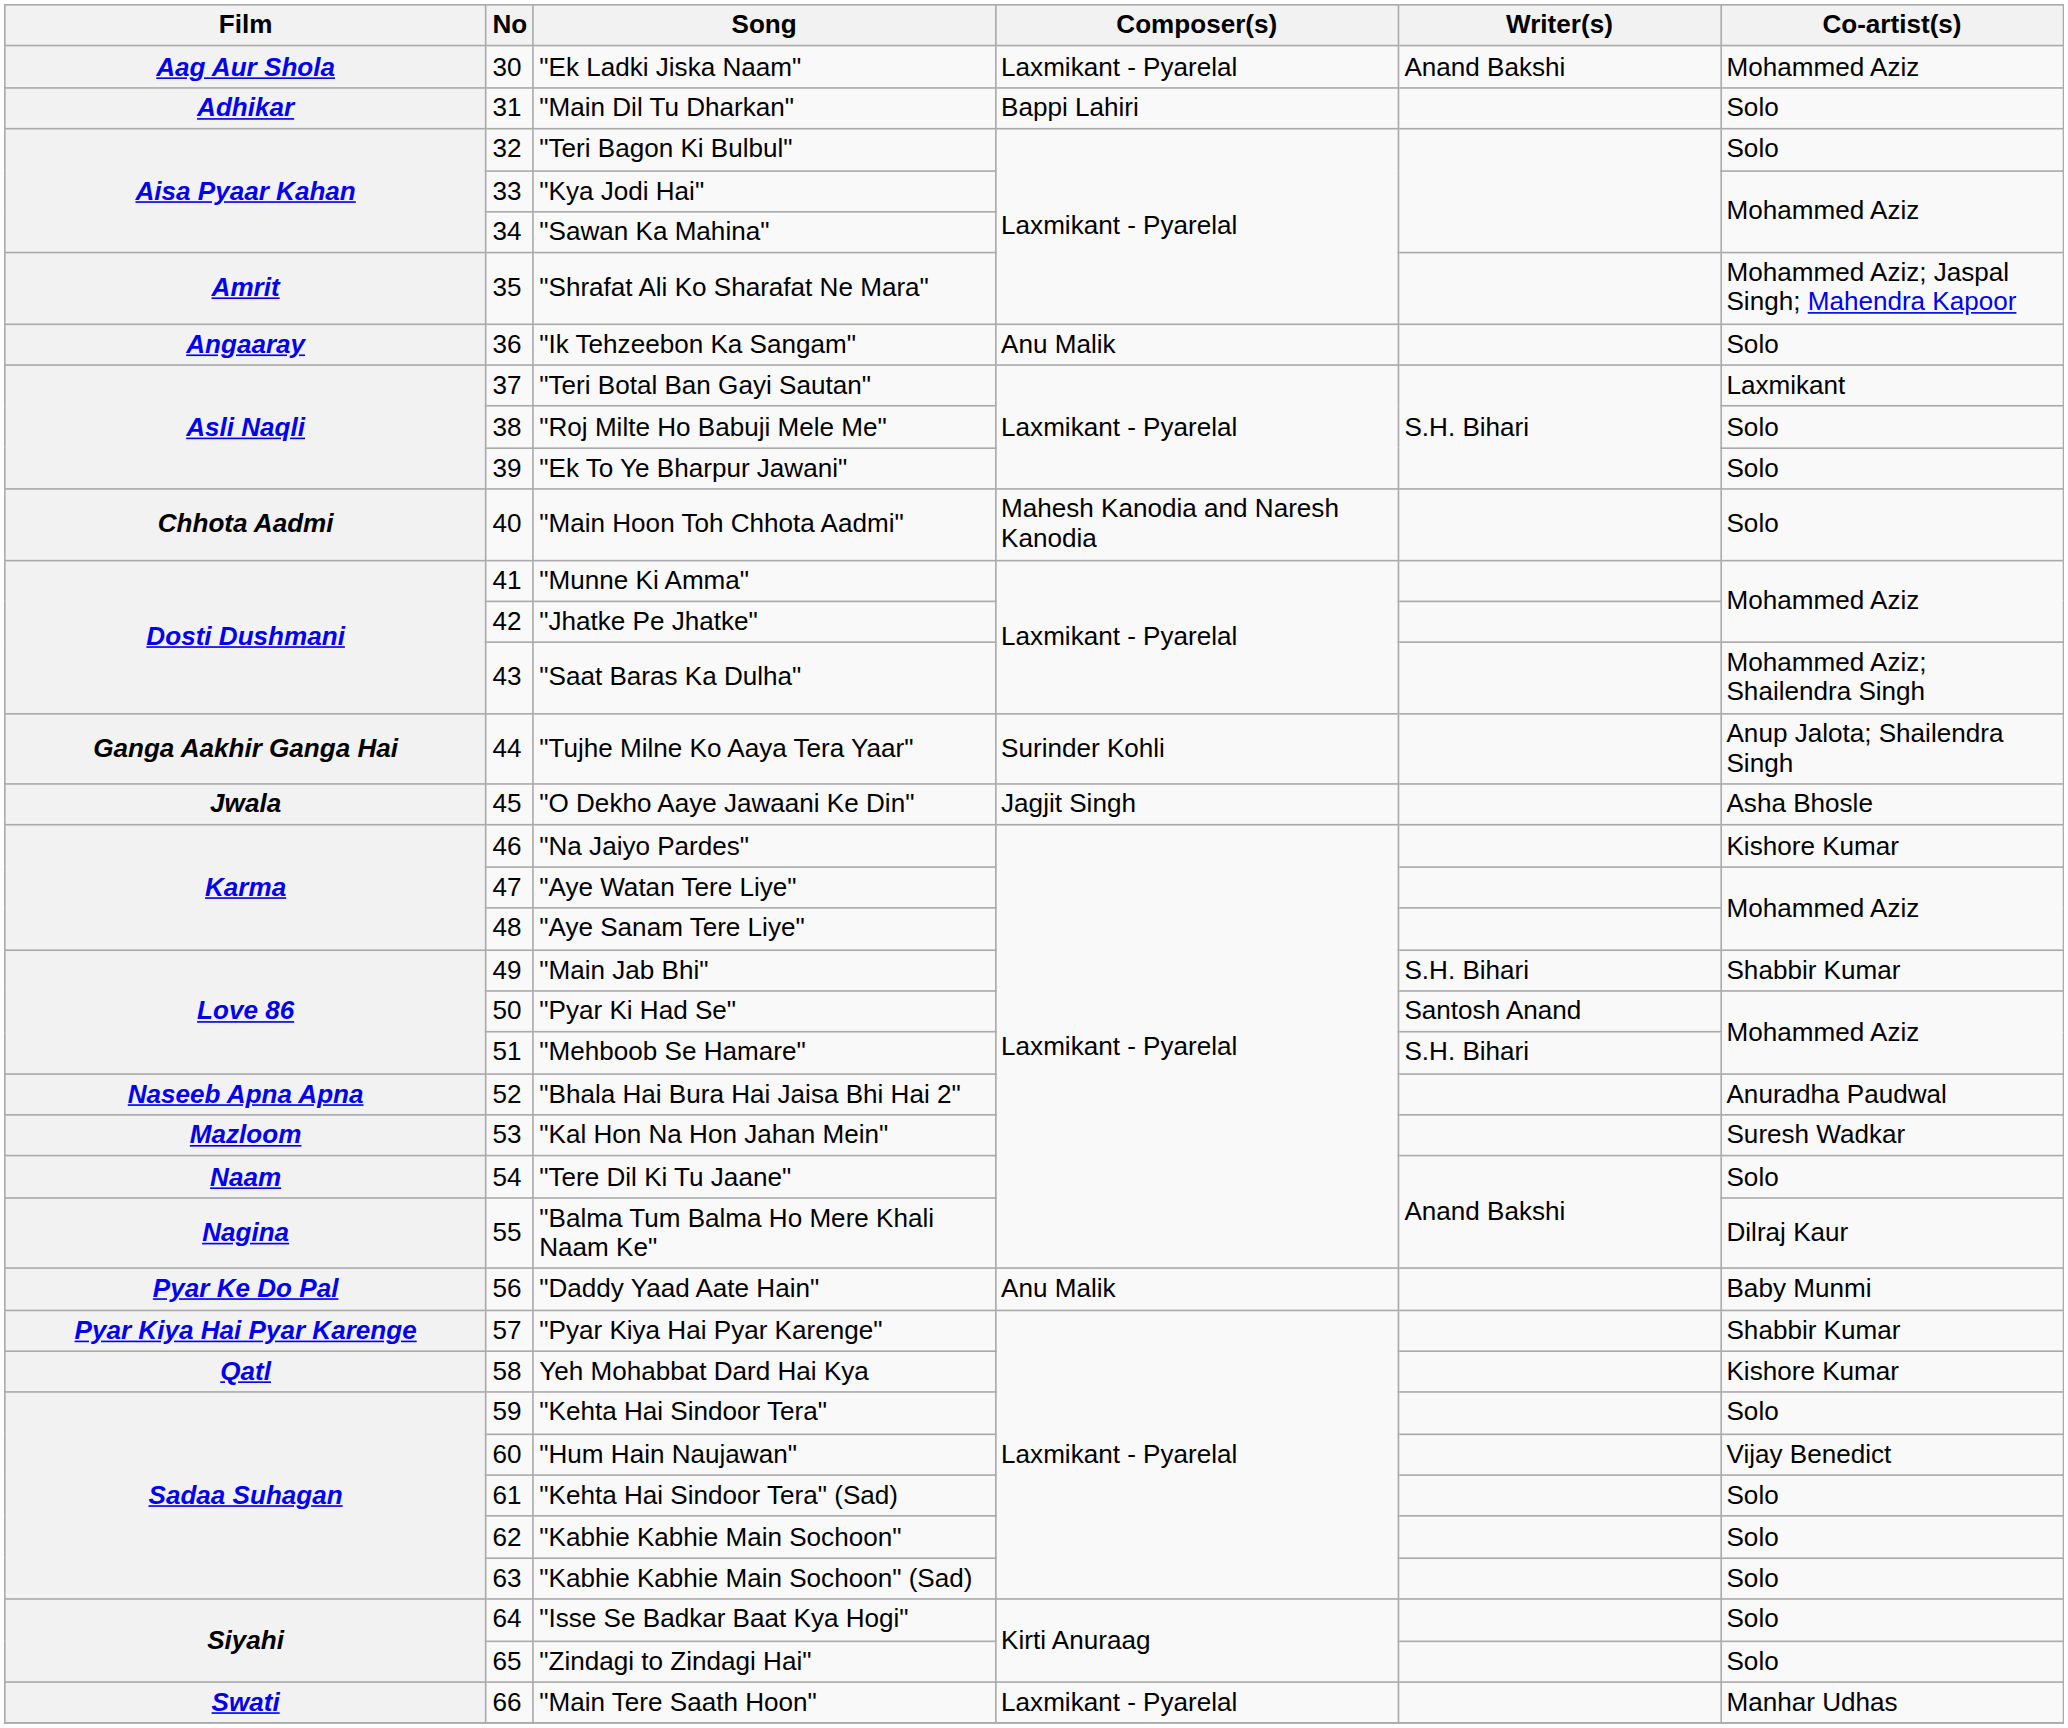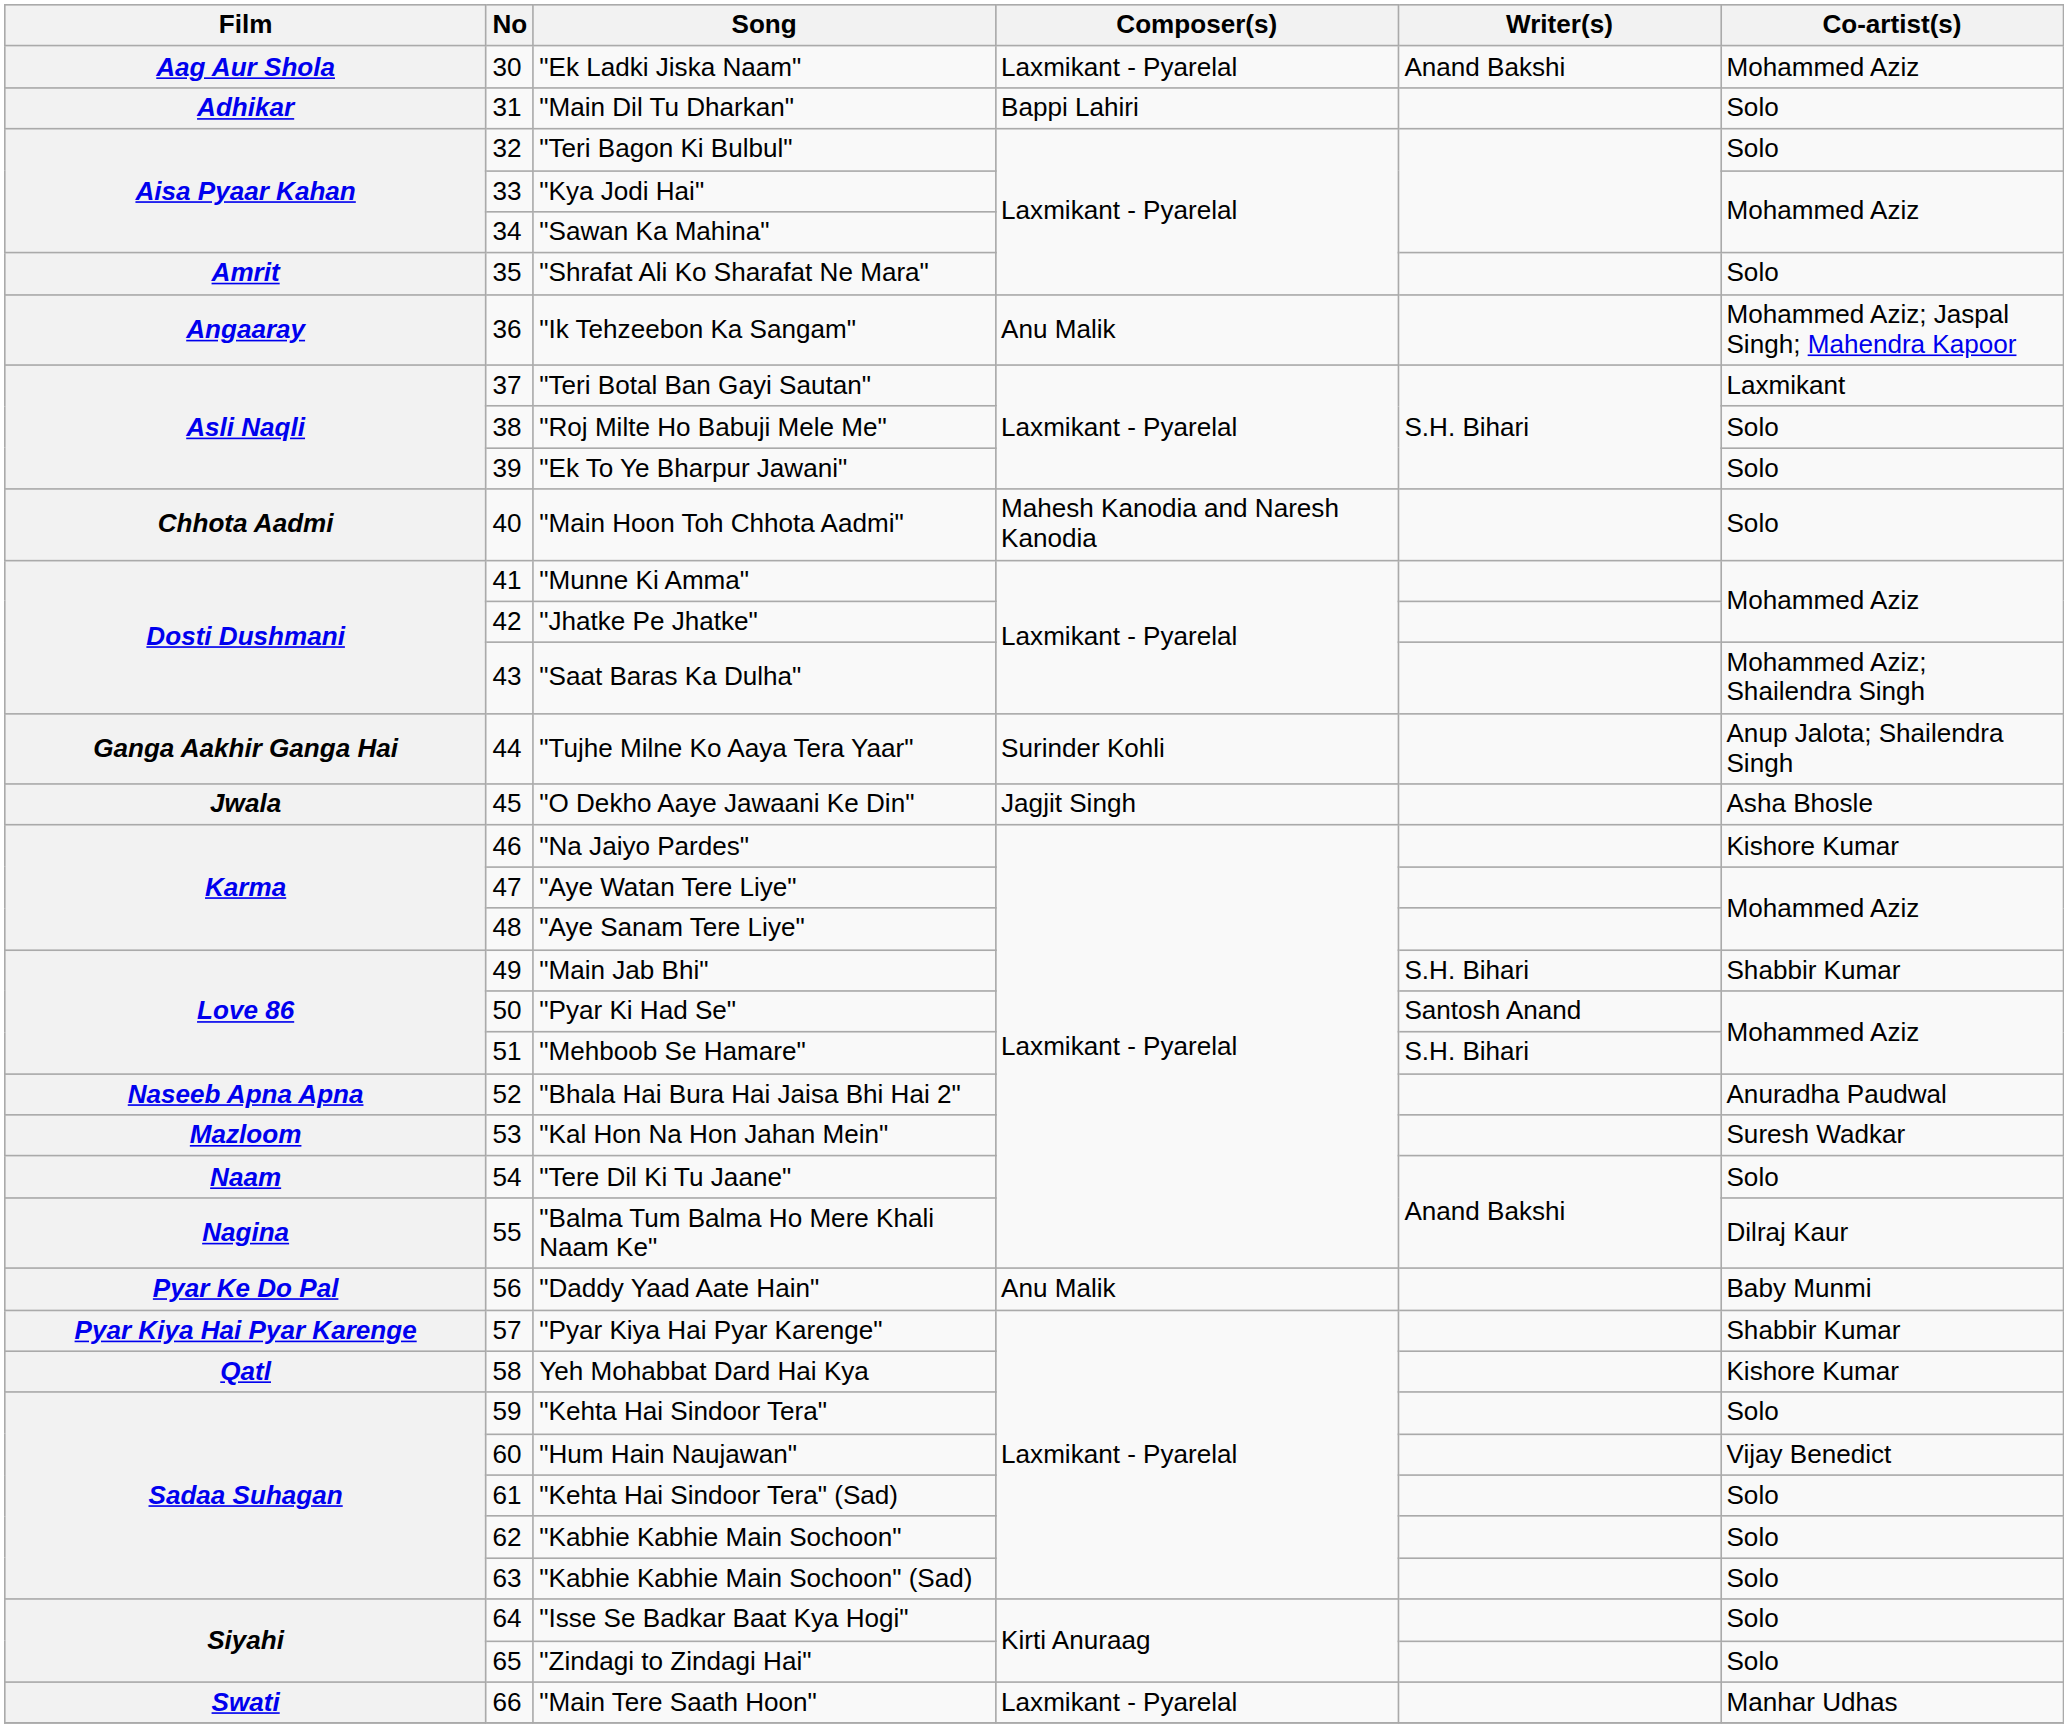 <table class="wikitable plainrowheaders" style="width:100%; textcolor:#000">
 <tr>
 <th scope="col" style="width:24%;">Film</th>
 <th>No</th>
 <th scope="col" style="width:23%;">Song</th>
 <th scope="col" style="width:20%;">Composer(s)</th>
 <th scope="col" style="width:16%;">Writer(s)</th>
 <th scope="col" style="width:18%;">Co-artist(s)</th>
 </tr>
 <tr>
 <th><em><a href='#'>Aag Aur Shola</a></em></th>
 <td>30</td>
 <td>"Ek Ladki Jiska Naam"</td>
 <td>Laxmikant - Pyarelal</td>
 <td>Anand Bakshi</td>
 <td>Mohammed Aziz</td>
 </tr>
 <tr>
 <th><em><a href='#'>Adhikar</a></em></th>
 <td>31</td>
 <td>"Main Dil Tu Dharkan"</td>
 <td>Bappi Lahiri</td>
 <td></td>
 <td>Solo</td>
 </tr>
 <tr>
 <th rowspan=3><em><a href='#'>Aisa Pyaar Kahan</a></em></th>
 <td>32</td>
 <td>"Teri Bagon Ki Bulbul"</td>
 <td rowspan=4>Laxmikant - Pyarelal</td>
 <td rowspan=3></td>
 <td>Solo</td>
 </tr>
 <tr>
 <td>33</td>
 <td>"Kya Jodi Hai"</td>
 <td rowspan=2>Mohammed Aziz</td>
 </tr>
 <tr>
 <td>34</td>
 <td>"Sawan Ka Mahina"</td>
 </tr>
 <tr>
 <th><em><a href='#'>Amrit</a></em></th>
 <td>35</td>
 <td>"Shrafat Ali Ko Sharafat Ne Mara"</td>
 <td></td>
-<td>Mohammed Aziz; Jaspal Singh; <a href='#'>Mahendra Kapoor</a></td>
+<td>Solo</td>
 </tr>
 <tr>
 <th><em><a href='#'>Angaaray</a></em></th>
 <td>36</td>
 <td>"Ik Tehzeebon Ka Sangam"</td>
 <td>Anu Malik</td>
 <td></td>
-<td>Solo</td>
+<td>Mohammed Aziz; Jaspal Singh; <a href='#'>Mahendra Kapoor</a></td>
 </tr>
 <tr>
 <th rowspan=3><em><a href='#'>Asli Naqli</a></em></th>
 <td>37</td>
 <td>"Teri Botal Ban Gayi Sautan"</td>
 <td rowspan=3>Laxmikant - Pyarelal</td>
 <td rowspan=3>S.H. Bihari</td>
 <td>Laxmikant</td>
 </tr>
 <tr>
 <td>38</td>
 <td>"Roj Milte Ho Babuji Mele Me"</td>
 <td>Solo</td>
 </tr>
 <tr>
 <td>39</td>
 <td>"Ek To Ye Bharpur Jawani"</td>
 <td>Solo</td>
 </tr>
 <tr>
 <th><em>Chhota Aadmi</em></th>
 <td>40</td>
 <td>"Main Hoon Toh Chhota Aadmi"</td>
 <td>Mahesh Kanodia and Naresh Kanodia</td>
 <td></td>
 <td>Solo</td>
 </tr>
 <tr>
 <th rowspan=3><em><a href='#'>Dosti Dushmani</a></em></th>
 <td>41</td>
 <td>"Munne Ki Amma"</td>
 <td rowspan=3>Laxmikant - Pyarelal</td>
 <td></td>
 <td rowspan=2>Mohammed Aziz</td>
 </tr>
 <tr>
 <td>42</td>
 <td>"Jhatke Pe Jhatke"</td>
 <td></td>
 </tr>
 <tr>
 <td>43</td>
 <td>"Saat Baras Ka Dulha"</td>
 <td></td>
 <td>Mohammed Aziz; Shailendra Singh</td>
 </tr>
 <tr>
 <th><em>Ganga Aakhir Ganga Hai</em></th>
 <td>44</td>
 <td>"Tujhe Milne Ko Aaya Tera Yaar"</td>
 <td>Surinder Kohli</td>
 <td></td>
 <td>Anup Jalota; Shailendra Singh</td>
 </tr>
 <tr>
 <th><em>Jwala</em></th>
 <td>45</td>
 <td>"O Dekho Aaye Jawaani Ke Din"</td>
 <td>Jagjit Singh</td>
 <td></td>
 <td>Asha Bhosle</td>
 </tr>
 <tr>
 <th rowspan=3><em><a href='#'>Karma</a></em></th>
 <td>46</td>
 <td>"Na Jaiyo Pardes"</td>
 <td rowspan=10>Laxmikant - Pyarelal</td>
 <td></td>
 <td>Kishore Kumar</td>
 </tr>
 <tr>
 <td>47</td>
 <td>"Aye Watan Tere Liye"</td>
 <td></td>
 <td rowspan=2>Mohammed Aziz</td>
 </tr>
 <tr>
 <td>48</td>
 <td>"Aye Sanam Tere Liye"</td>
 <td></td>
 </tr>
 <tr>
 <th rowspan="3"><em><a href='#'>Love 86</a></em></th>
 <td>49</td>
 <td>"Main Jab Bhi"</td>
 <td>S.H. Bihari</td>
 <td>Shabbir Kumar</td>
 </tr>
 <tr>
 <td>50</td>
 <td>"Pyar Ki Had Se"</td>
 <td>Santosh Anand</td>
 <td rowspan=2>Mohammed Aziz</td>
 </tr>
 <tr>
 <td>51</td>
 <td>"Mehboob Se Hamare"</td>
 <td>S.H. Bihari</td>
 </tr>
 <tr>
 <th><em><a href='#'>Naseeb Apna Apna</a></em></th>
 <td>52</td>
 <td>"Bhala Hai Bura Hai Jaisa Bhi Hai 2"</td>
 <td></td>
 <td>Anuradha Paudwal</td>
 </tr>
 <tr>
 <th><em><a href='#'>Mazloom</a></em></th>
 <td>53</td>
 <td>"Kal Hon Na Hon Jahan Mein"</td>
 <td></td>
 <td>Suresh Wadkar</td>
 </tr>
 <tr>
 <th><em><a href='#'>Naam</a></em></th>
 <td>54</td>
 <td>"Tere Dil Ki Tu Jaane"</td>
 <td rowspan=2>Anand Bakshi</td>
 <td>Solo</td>
 </tr>
 <tr>
 <th><em><a href='#'>Nagina</a></em></th>
 <td>55</td>
 <td>"Balma Tum Balma Ho Mere Khali Naam Ke"</td>
 <td>Dilraj Kaur</td>
 </tr>
 <tr>
 <th><em><a href='#'>Pyar Ke Do Pal</a></em></th>
 <td>56</td>
 <td>"Daddy Yaad Aate Hain"</td>
 <td>Anu Malik</td>
 <td></td>
 <td>Baby Munmi</td>
 </tr>
 <tr>
 <th><em><a href='#'>Pyar Kiya Hai Pyar Karenge</a></em></th>
 <td>57</td>
 <td>"Pyar Kiya Hai Pyar Karenge"</td>
 <td rowspan=7>Laxmikant - Pyarelal</td>
 <td></td>
 <td>Shabbir Kumar</td>
 </tr>
 <tr>
 <th><em><a href='#'>Qatl</a></em></th>
 <td>58</td>
 <td>Yeh Mohabbat Dard Hai Kya</td>
 <td></td>
 <td>Kishore Kumar</td>
 </tr>
 <tr>
 <th rowspan=5><em><a href='#'>Sadaa Suhagan</a></em></th>
 <td>59</td>
 <td>"Kehta Hai Sindoor Tera"</td>
 <td></td>
 <td>Solo</td>
 </tr>
 <tr>
 <td>60</td>
 <td>"Hum Hain Naujawan"</td>
 <td></td>
 <td>Vijay Benedict</td>
 </tr>
 <tr>
 <td>61</td>
 <td>"Kehta Hai Sindoor Tera" (Sad)</td>
 <td></td>
 <td>Solo</td>
 </tr>
 <tr>
 <td>62</td>
 <td>"Kabhie Kabhie Main Sochoon"</td>
 <td></td>
 <td>Solo</td>
 </tr>
 <tr>
 <td>63</td>
 <td>"Kabhie Kabhie Main Sochoon" (Sad)</td>
 <td></td>
 <td>Solo</td>
 </tr>
 <tr>
 <th rowspan=2><em>Siyahi</em></th>
 <td>64</td>
 <td>"Isse Se Badkar Baat Kya Hogi"</td>
 <td rowspan=2>Kirti Anuraag</td>
 <td></td>
 <td>Solo</td>
 </tr>
 <tr>
 <td>65</td>
 <td>"Zindagi to Zindagi Hai"</td>
 <td></td>
 <td>Solo</td>
 </tr>
 <tr>
 <th><em><a href='#'>Swati</a></em></th>
 <td>66</td>
 <td>"Main Tere Saath Hoon"</td>
 <td>Laxmikant - Pyarelal</td>
 <td></td>
 <td>Manhar Udhas</td>
 </tr>
 <tr>
 </tr>
 </table>
